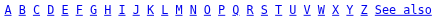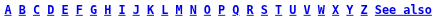 <table id="toc" class="toc" summary="Contents" align="center">
 <tr>
 <th></th>
 </tr>
 <tr>
-<td align="center"><br><a href='#'>A</a> <a href='#'>B</a> <a href='#'>C</a> <a href='#'>D</a> <a href='#'>E</a> <a href='#'>F</a> <a href='#'>G</a> <a href='#'>H</a> <a href='#'>I</a> <a href='#'>J</a> <a href='#'>K</a> <a href='#'>L</a> <a href='#'>M</a> <a href='#'>N</a> <a href='#'>O</a> <a href='#'>P</a> <a href='#'>Q</a> <a href='#'>R</a> <a href='#'>S</a> <a href='#'>T</a> <a href='#'>U</a> <a href='#'>V</a> <a href='#'>W</a> <a href='#'>X</a> <a href='#'>Y</a> <a href='#'>Z</a> <a href='#'>See also</a> </td>
+<td align="center"><strong><br><a href='#'>A</a> <a href='#'>B</a> <a href='#'>C</a> <a href='#'>D</a> <a href='#'>E</a> <a href='#'>F</a> <a href='#'>G</a> <a href='#'>H</a> <a href='#'>I</a> <a href='#'>J</a> <a href='#'>K</a> <a href='#'>L</a> <a href='#'>M</a> <a href='#'>N</a> <a href='#'>O</a> <a href='#'>P</a> <a href='#'>Q</a> <a href='#'>R</a> <a href='#'>S</a> <a href='#'>T</a> <a href='#'>U</a> <a href='#'>V</a> <a href='#'>W</a> <a href='#'>X</a> <a href='#'>Y</a> <a href='#'>Z</a> <a href='#'>See also</a> </strong></td>
 </tr>
 </table>
